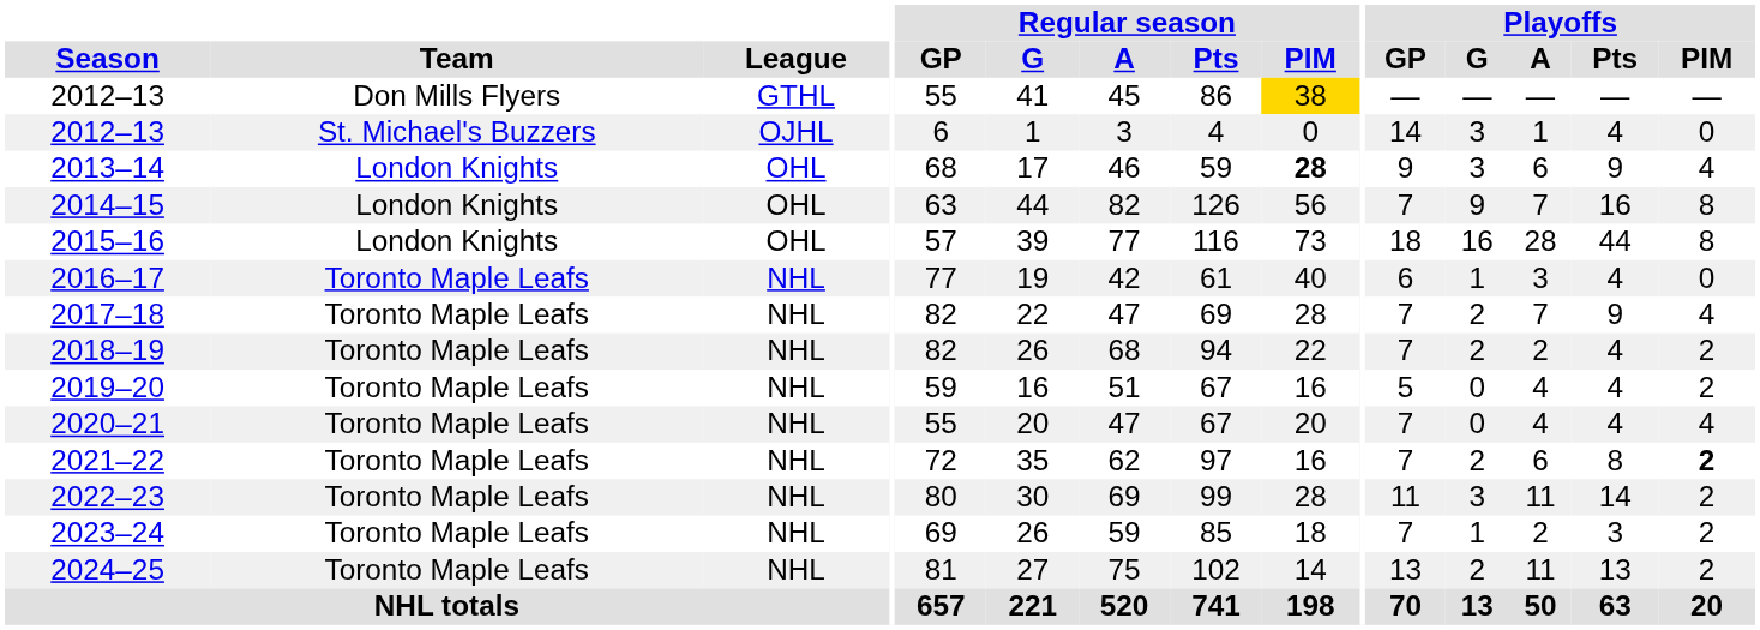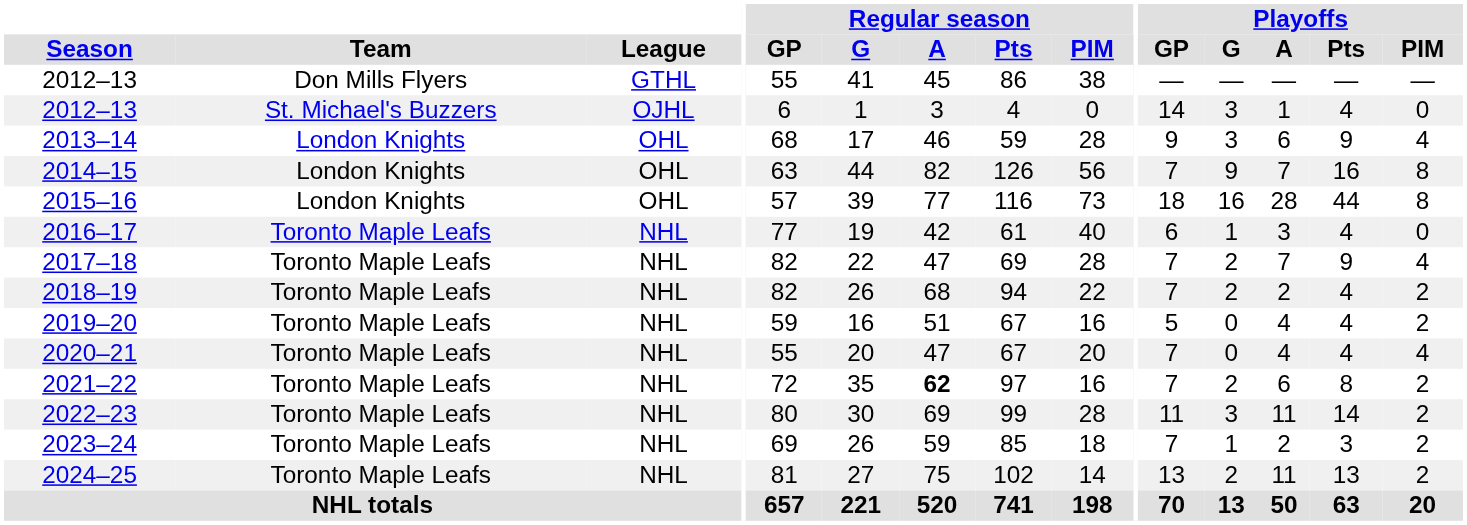 <table border="0" cellpadding="1" cellspacing="0" style="text-align:center; width:60em">
 <tr bgcolor="#e0e0e0">
 <th colspan="3" bgcolor="#ffffff"></th>
 <th rowspan="103" bgcolor="#ffffff"></th>
 <th colspan="5"><a href='#'>Regular season</a></th>
 <th rowspan="103" bgcolor="#ffffff"></th>
 <th colspan="5"><a href='#'>Playoffs</a></th>
 </tr>
 <tr bgcolor="#e0e0e0">
 <th><a href='#'>Season</a></th>
 <th>Team</th>
 <th>League</th>
 <th>GP</th>
 <th><a href='#'>G</a></th>
 <th><a href='#'>A</a></th>
 <th><a href='#'>Pts</a></th>
 <th><a href='#'>PIM</a></th>
 <th>GP</th>
 <th>G</th>
 <th>A</th>
 <th>Pts</th>
 <th>PIM</th>
 </tr>
 <tr>
 <td>2012–13</td>
 <td>Don Mills Flyers</td>
 <td><a href='#'>GTHL</a></td>
 <td>55</td>
 <td>41</td>
 <td>45</td>
 <td>86</td>
-<td style="background: gold;">38</td>
+<td>38</td>
 <td>—</td>
 <td>—</td>
 <td>—</td>
 <td>—</td>
 <td>—</td>
 </tr>
 <tr bgcolor="#f0f0f0">
 <td><a href='#'>2012–13</a></td>
 <td><a href='#'>St. Michael's Buzzers</a></td>
 <td><a href='#'>OJHL</a></td>
 <td>6</td>
 <td>1</td>
 <td>3</td>
 <td>4</td>
 <td>0</td>
 <td>14</td>
 <td>3</td>
 <td>1</td>
 <td>4</td>
 <td>0</td>
 </tr>
 <tr>
 <td><a href='#'>2013–14</a></td>
 <td><a href='#'>London Knights</a></td>
 <td><a href='#'>OHL</a></td>
 <td>68</td>
 <td>17</td>
 <td>46</td>
 <td>59</td>
-<td><strong>28</strong></td>
+<td>28</td>
 <td>9</td>
 <td>3</td>
 <td>6</td>
 <td>9</td>
 <td>4</td>
 </tr>
 <tr bgcolor="#f0f0f0">
 <td><a href='#'>2014–15</a></td>
 <td>London Knights</td>
 <td>OHL</td>
 <td>63</td>
 <td>44</td>
 <td>82</td>
 <td>126</td>
 <td>56</td>
 <td>7</td>
 <td>9</td>
 <td>7</td>
 <td>16</td>
 <td>8</td>
 </tr>
 <tr>
 <td><a href='#'>2015–16</a></td>
 <td>London Knights</td>
 <td>OHL</td>
 <td>57</td>
 <td>39</td>
 <td>77</td>
 <td>116</td>
 <td>73</td>
 <td>18</td>
 <td>16</td>
 <td>28</td>
 <td>44</td>
 <td>8</td>
 </tr>
 <tr bgcolor="#f0f0f0">
 <td><a href='#'>2016–17</a></td>
 <td><a href='#'>Toronto Maple Leafs</a></td>
 <td><a href='#'>NHL</a></td>
 <td>77</td>
 <td>19</td>
 <td>42</td>
 <td>61</td>
 <td>40</td>
 <td>6</td>
 <td>1</td>
 <td>3</td>
 <td>4</td>
 <td>0</td>
 </tr>
 <tr>
 <td><a href='#'>2017–18</a></td>
 <td>Toronto Maple Leafs</td>
 <td>NHL</td>
 <td>82</td>
 <td>22</td>
 <td>47</td>
 <td>69</td>
 <td>28</td>
 <td>7</td>
 <td>2</td>
 <td>7</td>
 <td>9</td>
 <td>4</td>
 </tr>
 <tr bgcolor="#f0f0f0">
 <td><a href='#'>2018–19</a></td>
 <td>Toronto Maple Leafs</td>
 <td>NHL</td>
 <td>82</td>
 <td>26</td>
 <td>68</td>
 <td>94</td>
 <td>22</td>
 <td>7</td>
 <td>2</td>
 <td>2</td>
 <td>4</td>
 <td>2</td>
 </tr>
 <tr>
 <td><a href='#'>2019–20</a></td>
 <td>Toronto Maple Leafs</td>
 <td>NHL</td>
 <td>59</td>
 <td>16</td>
 <td>51</td>
 <td>67</td>
 <td>16</td>
 <td>5</td>
 <td>0</td>
 <td>4</td>
 <td>4</td>
 <td>2</td>
 </tr>
 <tr bgcolor="#f0f0f0">
 <td><a href='#'>2020–21</a></td>
 <td>Toronto Maple Leafs</td>
 <td>NHL</td>
 <td>55</td>
 <td>20</td>
 <td>47</td>
 <td>67</td>
 <td>20</td>
 <td>7</td>
 <td>0</td>
 <td>4</td>
 <td>4</td>
 <td>4</td>
 </tr>
 <tr>
 <td><a href='#'>2021–22</a></td>
 <td>Toronto Maple Leafs</td>
 <td>NHL</td>
 <td>72</td>
 <td>35</td>
-<td>62</td>
+<td><strong>62</strong></td>
 <td>97</td>
 <td>16</td>
 <td>7</td>
 <td>2</td>
 <td>6</td>
 <td>8</td>
-<td><strong>2</strong></td>
+<td>2</td>
 </tr>
 <tr bgcolor="#f0f0f0">
 <td><a href='#'>2022–23</a></td>
 <td>Toronto Maple Leafs</td>
 <td>NHL</td>
 <td>80</td>
 <td>30</td>
 <td>69</td>
 <td>99</td>
 <td>28</td>
 <td>11</td>
 <td>3</td>
 <td>11</td>
 <td>14</td>
 <td>2</td>
 </tr>
 <tr>
 <td><a href='#'>2023–24</a></td>
 <td>Toronto Maple Leafs</td>
 <td>NHL</td>
 <td>69</td>
 <td>26</td>
 <td>59</td>
 <td>85</td>
 <td>18</td>
 <td>7</td>
 <td>1</td>
 <td>2</td>
 <td>3</td>
 <td>2</td>
 </tr>
 <tr bgcolor="#f0f0f0">
 <td><a href='#'>2024–25</a></td>
 <td>Toronto Maple Leafs</td>
 <td>NHL</td>
 <td>81</td>
 <td>27</td>
 <td>75</td>
 <td>102</td>
 <td>14</td>
 <td>13</td>
 <td>2</td>
 <td>11</td>
 <td>13</td>
 <td>2</td>
 </tr>
 <tr bgcolor="#e0e0e0">
 <th colspan="3">NHL totals</th>
 <th>657</th>
 <th>221</th>
 <th>520</th>
 <th>741</th>
 <th>198</th>
 <th>70</th>
 <th>13</th>
 <th>50</th>
 <th>63</th>
 <th>20</th>
 </tr>
 </table>
